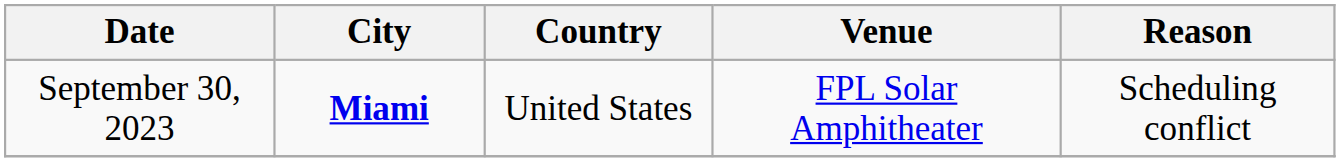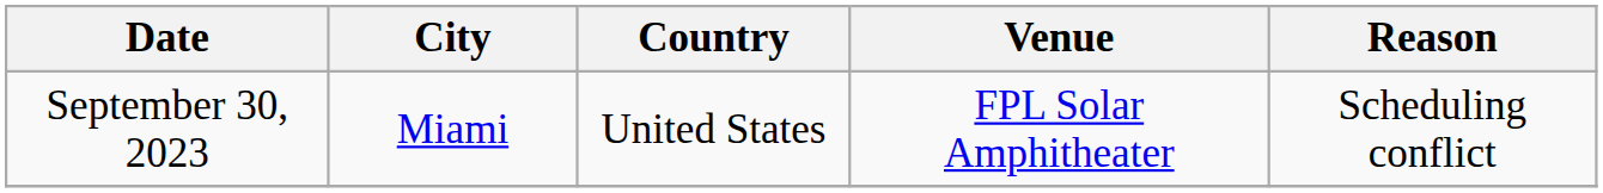 <table class="wikitable" style="text-align:center;">
 <tr>
 <th scope="col" style="width:12em;">Date</th>
 <th scope="col" style="width:10em;">City</th>
 <th scope="col" style="width:10em;">Country</th>
 <th scope="col" style="width:16em;">Venue</th>
 <th scope="col" style="width:12em;">Reason</th>
 </tr>
 <tr>
 <td>September 30, 2023</td>
-<td><strong><a href='#'>Miami</a></strong></td>
+<td><a href='#'>Miami</a></td>
 <td>United States</td>
 <td><a href='#'>FPL Solar Amphitheater</a></td>
 <td>Scheduling conflict</td>
 </tr>
 <tr>
 </tr>
 </table>
